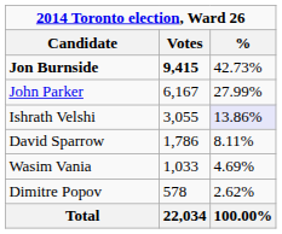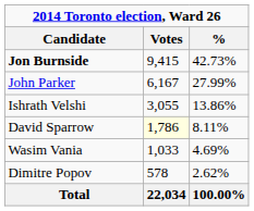 <table class="wikitable">
 <tr>
 <td colspan="3" align="center"><strong><a href='#'>2014 Toronto election</a>, Ward 26</strong></td>
 </tr>
 <tr>
 <th bgcolor="#DDDDFF" width="150px">Candidate</th>
 <th bgcolor="#DDDDFF">Votes</th>
 <th bgcolor="#DDDDFF">%</th>
 </tr>
 <tr>
 <td><strong>Jon Burnside</strong></td>
-<td><strong>9,415</strong></td>
+<td>9,415</td>
 <td>42.73%</td>
 </tr>
 <tr>
 <td><a href='#'>John Parker</a></td>
 <td>6,167</td>
 <td>27.99%</td>
 </tr>
 <tr>
 <td>Ishrath Velshi</td>
 <td>3,055</td>
-<td style="background: lavender;">13.86%</td>
+<td>13.86%</td>
 </tr>
 <tr>
 <td>David Sparrow</td>
-<td>1,786</td>
+<td style="background: lightyellow;">1,786</td>
 <td>8.11%</td>
 </tr>
 <tr>
 <td>Wasim Vania</td>
 <td>1,033</td>
 <td>4.69%</td>
 </tr>
 <tr>
 <td>Dimitre Popov</td>
 <td>578</td>
 <td>2.62%</td>
 </tr>
 <tr>
 <th>Total</th>
 <th>22,034</th>
 <th>100.00%</th>
 </tr>
 </table>
